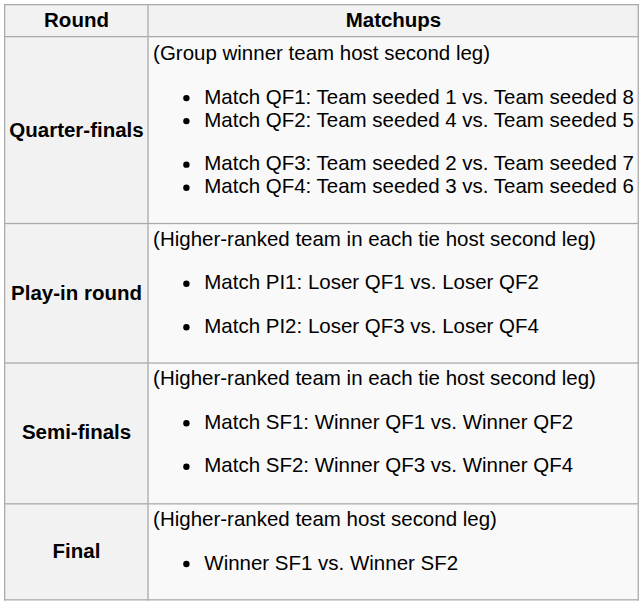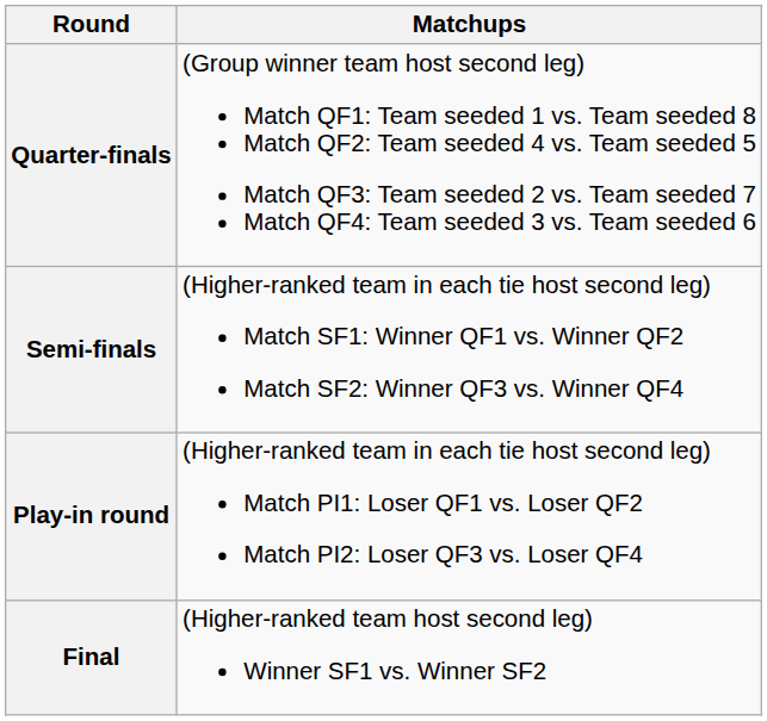 <table class=wikitable>
 <tr>
 <th>Round</th>
 <th>Matchups</th>
 </tr>
 <tr>
 <th>Quarter-finals</th>
 <td>(Group winner team host second leg)<br> <ul><li>Match QF1: Team seeded 1 vs. Team seeded 8</li><li>Match QF2: Team seeded 4 vs. Team seeded 5</li></ul><ul><li>Match QF3: Team seeded 2 vs. Team seeded 7</li><li>Match QF4: Team seeded 3 vs. Team seeded 6</li></ul></td>
 </tr>
 <tr>
+<th>Semi-finals</th>
+<td>(Higher-ranked team in each tie host second leg)<br> <ul><li>Match SF1: Winner QF1 vs. Winner QF2</li></ul><ul><li>Match SF2: Winner QF3 vs. Winner QF4</li></ul></td>
+</tr>
+<tr>
 <th>Play-in round</th>
 <td>(Higher-ranked team in each tie host second leg)<br> <ul><li>Match PI1: Loser QF1 vs. Loser QF2</li></ul><ul><li>Match PI2: Loser QF3 vs. Loser QF4</li></ul></td>
-</tr>
-<tr>
-<th>Semi-finals</th>
-<td>(Higher-ranked team in each tie host second leg)<br> <ul><li>Match SF1: Winner QF1 vs. Winner QF2</li></ul><ul><li>Match SF2: Winner QF3 vs. Winner QF4</li></ul></td>
 </tr>
 <tr>
 <th>Final</th>
 <td>(Higher-ranked team host second leg)<br><ul><li>Winner SF1 vs. Winner SF2</li></ul></td>
 </tr>
 </table>
